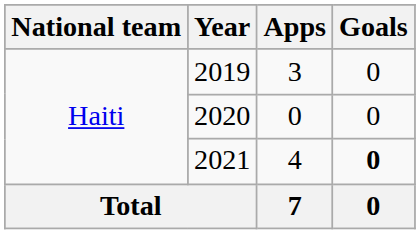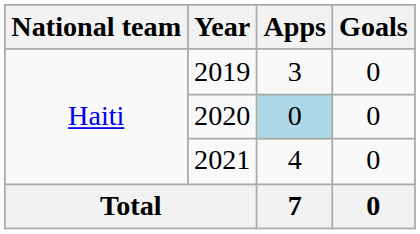 <table class="wikitable" style="text-align:center">
 <tr>
 <th>National team</th>
 <th>Year</th>
 <th>Apps</th>
 <th>Goals</th>
 </tr>
 <tr>
 <td rowspan=3><a href='#'>Haiti</a></td>
 <td>2019</td>
 <td>3</td>
 <td>0</td>
 </tr>
 <tr>
 <td>2020</td>
-<td>0</td>
+<td style="background: lightblue;">0</td>
 <td>0</td>
 </tr>
 <tr>
 <td>2021</td>
 <td>4</td>
-<td><strong>0</strong></td>
+<td>0</td>
 </tr>
 <tr>
 <th colspan=2>Total</th>
 <th>7</th>
 <th>0</th>
 </tr>
 </table>
